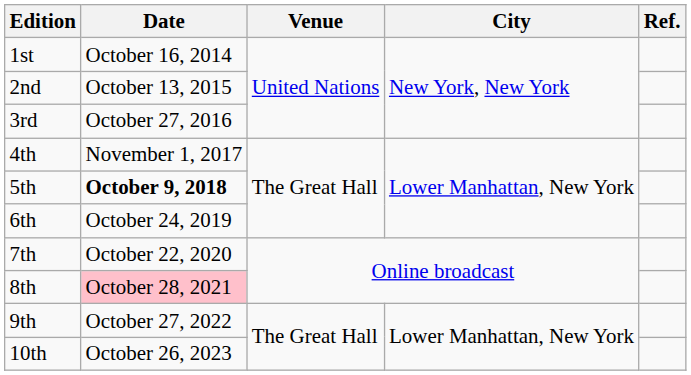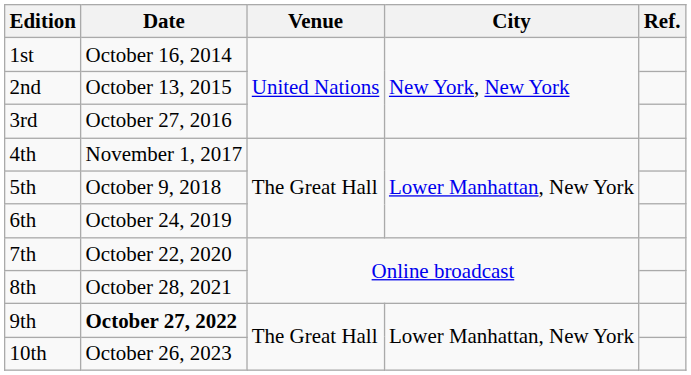 <table class="wikitable">
 <tr>
 <th>Edition</th>
 <th>Date</th>
 <th>Venue</th>
 <th>City</th>
 <th>Ref.</th>
 </tr>
 <tr>
 <td>1st</td>
 <td>October 16, 2014</td>
 <td rowspan="3"><a href='#'>United Nations</a></td>
 <td rowspan="3"><a href='#'>New York</a>, <a href='#'>New York</a></td>
 <td style="text-align:center;"></td>
 </tr>
 <tr>
 <td>2nd</td>
 <td>October 13, 2015</td>
 <td style="text-align:center;"></td>
 </tr>
 <tr>
 <td>3rd</td>
 <td>October 27, 2016</td>
 <td style="text-align:center;"></td>
 </tr>
 <tr>
 <td>4th</td>
 <td>November 1, 2017</td>
 <td rowspan="3">The Great Hall</td>
 <td rowspan="3"><a href='#'>Lower Manhattan</a>, New York</td>
 <td style="text-align:center;"></td>
 </tr>
 <tr>
 <td>5th</td>
-<td><strong>October 9, 2018</strong></td>
+<td>October 9, 2018</td>
 <td style="text-align:center;"></td>
 </tr>
 <tr>
 <td>6th</td>
 <td>October 24, 2019</td>
 <td style="text-align:center;"></td>
 </tr>
 <tr>
 <td>7th</td>
 <td>October 22, 2020</td>
 <td style="text-align:center;" colspan="2" rowspan="2"><a href='#'>Online broadcast</a></td>
 <td style="text-align:center;"></td>
 </tr>
 <tr>
 <td>8th</td>
-<td style="background: pink;">October 28, 2021</td>
+<td>October 28, 2021</td>
 <td style="text-align:center;"></td>
 </tr>
 <tr>
 <td>9th</td>
-<td>October 27, 2022</td>
+<td><strong>October 27, 2022</strong></td>
 <td rowspan="4">The Great Hall</td>
 <td rowspan="4">Lower Manhattan, New York</td>
 <td style="text-align:center;"></td>
 </tr>
 <tr>
 <td>10th</td>
 <td>October 26, 2023</td>
 <td style="text-align:center;"></td>
 </tr>
 </table>
